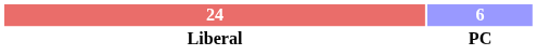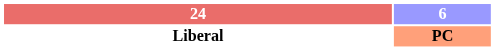 <table style="width:55%; text-align:center;">
 <tr style="color:white;">
 <td style="background:#EA6D6A; width:80.00%;"><strong>24</strong></td>
 <td style="background:#9999FF; width:20.00%;"><strong>6</strong></td>
 </tr>
 <tr>
 <td><span><strong>Liberal</strong></span></td>
-<td><span><strong>PC</strong></span></td>
+<td style="background: lightsalmon;"><span><strong>PC</strong></span></td>
 </tr>
 </table>
